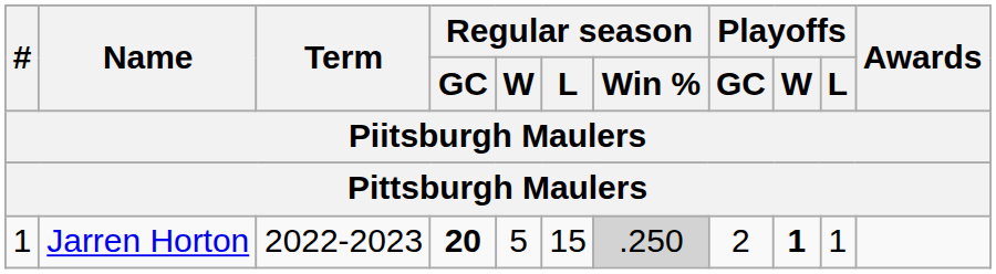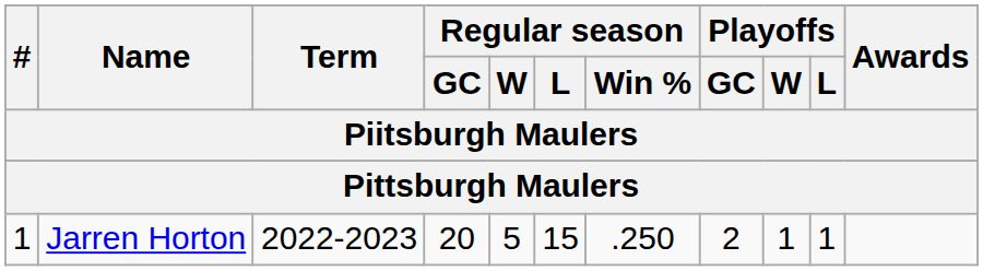 <table class="wikitable" style="text-align:center">
 <tr>
 <th rowspan="2">#</th>
 <th rowspan="2">Name</th>
 <th rowspan="2">Term</th>
 <th colspan="4">Regular season</th>
 <th colspan="3">Playoffs</th>
 <th rowspan="2">Awards</th>
 </tr>
 <tr>
 <th>GC</th>
 <th>W</th>
 <th>L</th>
 <th>Win %</th>
 <th>GC</th>
 <th>W</th>
 <th>L</th>
 </tr>
 <tr>
 <th colspan="11">Piitsburgh Maulers</th>
 </tr>
 <tr>
 <th colspan="11">Pittsburgh Maulers</th>
 </tr>
 <tr>
 <td>1</td>
 <td><a href='#'>Jarren Horton</a></td>
 <td>2022-2023</td>
-<td><strong>20</strong></td>
+<td>20</td>
 <td>5</td>
 <td>15</td>
-<td style="background: lightgrey;">.250</td>
+<td>.250</td>
 <td>2</td>
-<td><strong>1</strong></td>
+<td>1</td>
 <td>1</td>
 <td></td>
 </tr>
 </table>
